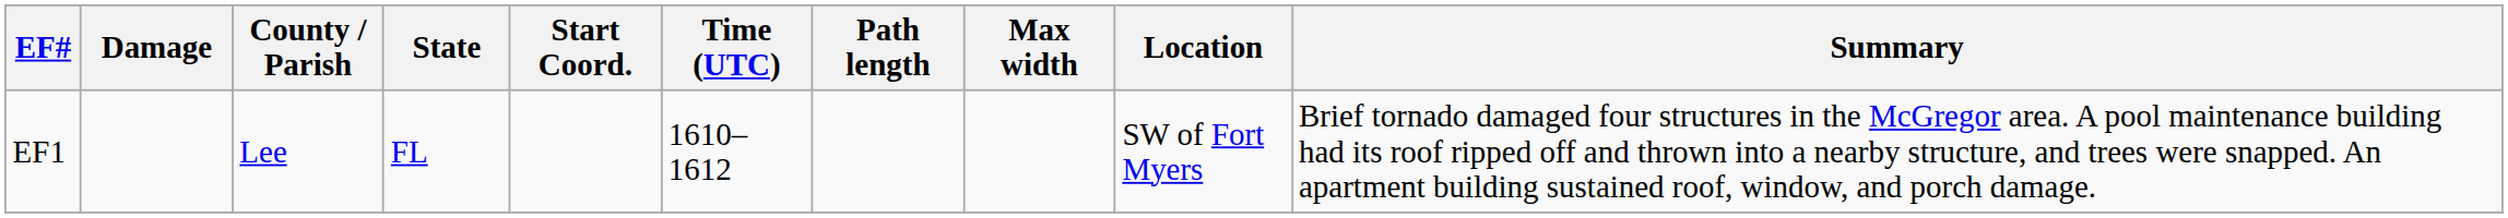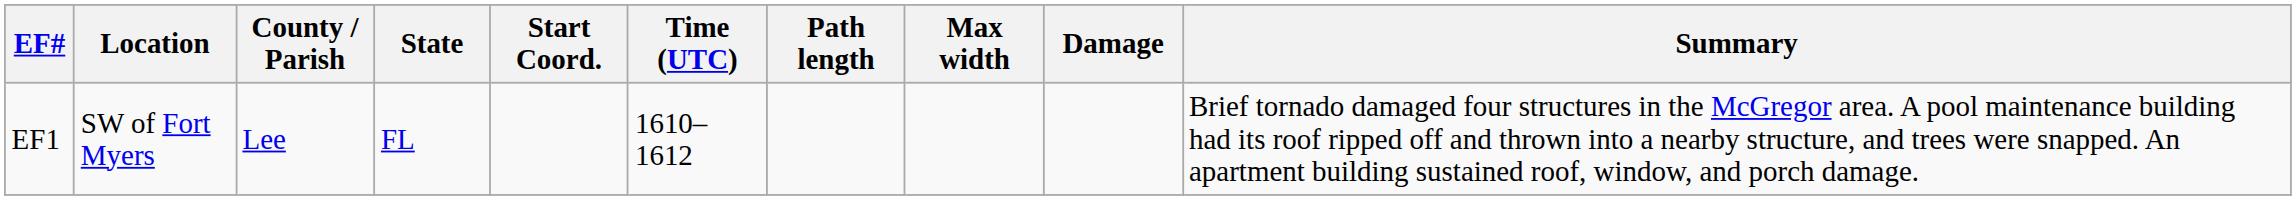 <table class="wikitable sortable" style="width:100%;">
 <tr>
 <th scope="col"  style="width:3%; text-align:center;"><a href='#'>EF#</a></th>
-<th scope="col"  style="width:6%; text-align:center;">Damage</th>
+<th scope="col"  style="width:7%; text-align:center;" class="unsortable">Location</th>
 <th scope="col"  style="width:6%; text-align:center;" class="unsortable">County / Parish</th>
 <th scope="col"  style="width:5%; text-align:center;">State</th>
 <th scope="col"  style="width:6%; text-align:center;">Start Coord.</th>
 <th scope="col"  style="width:6%; text-align:center;">Time (<a href='#'>UTC</a>)</th>
 <th scope="col"  style="width:6%; text-align:center;">Path length</th>
 <th scope="col"  style="width:6%; text-align:center;">Max width</th>
-<th scope="col"  style="width:7%; text-align:center;" class="unsortable">Location</th>
+<th scope="col"  style="width:6%; text-align:center;">Damage</th>
 <th scope="col" class="unsortable" style="width:48%; text-align:center;">Summary</th>
 </tr>
 <tr>
 <td>EF1</td>
-<td></td>
+<td>SW of <a href='#'>Fort Myers</a></td>
 <td><a href='#'>Lee</a></td>
 <td><a href='#'>FL</a></td>
 <td></td>
 <td>1610–1612</td>
 <td></td>
 <td></td>
-<td>SW of <a href='#'>Fort Myers</a></td>
+<td></td>
 <td>Brief tornado damaged four structures in the <a href='#'>McGregor</a> area. A pool maintenance building had its roof ripped off and thrown into a nearby structure, and trees were snapped. An apartment building sustained roof, window, and porch damage.</td>
 </tr>
 </table>
